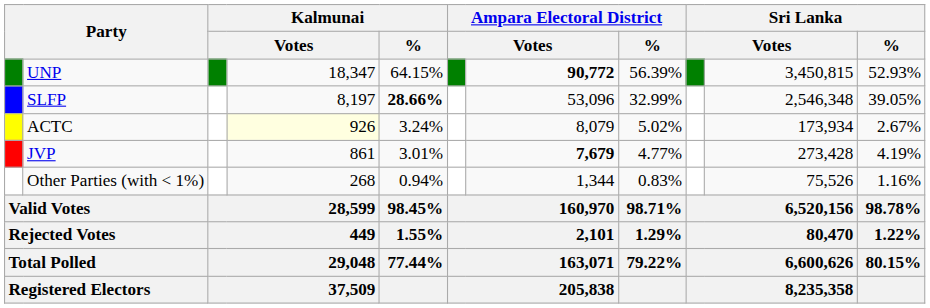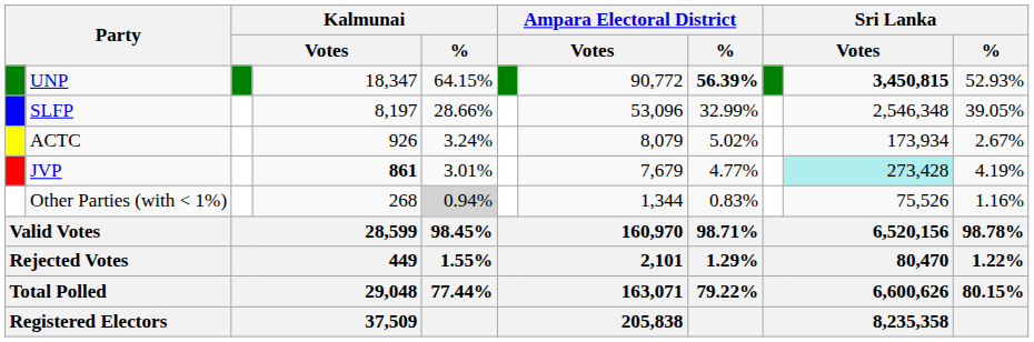 <table class="wikitable">
 <tr>
 <th colspan="2" width="144px"rowspan="2">Party</th>
 <th colspan="3" width="216px">Kalmunai</th>
 <th colspan="3" width="216px"><a href='#'>Ampara Electoral District</a></th>
 <th colspan="3" width="216px">Sri Lanka</th>
 </tr>
 <tr>
 <th colspan="2" width="144px">Votes</th>
 <th>%</th>
 <th colspan="2" width="144px">Votes</th>
 <th>%</th>
 <th colspan="2" width="144px">Votes</th>
 <th>%</th>
 </tr>
 <tr>
 <td style="background-color:green;" width="10px"></td>
 <td style="text-align:left;"><a href='#'>UNP</a></td>
 <td style="background-color:green;" width="10px"></td>
 <td style="text-align:right;">18,347</td>
 <td style="text-align:right;">64.15%</td>
 <td style="background-color:green;" width="10px"></td>
-<td style="text-align:right;"><strong>90,772</strong></td>
-<td style="text-align:right;">56.39%</td>
+<td style="text-align:right;">90,772</td>
+<td style="text-align:right;"><strong>56.39%</strong></td>
 <td style="background-color:green;" width="10px"></td>
-<td style="text-align:right;">3,450,815</td>
+<td style="text-align:right;"><strong>3,450,815</strong></td>
 <td style="text-align:right;">52.93%</td>
 </tr>
 <tr>
 <td style="background-color:blue;" width="10px"></td>
 <td style="text-align:left;"><a href='#'>SLFP</a></td>
 <td style="background-color:white;" width="10px"></td>
 <td style="text-align:right;">8,197</td>
-<td style="text-align:right;"><strong>28.66%</strong></td>
+<td style="text-align:right;">28.66%</td>
 <td style="background-color:white;" width="10px"></td>
 <td style="text-align:right;">53,096</td>
 <td style="text-align:right;">32.99%</td>
 <td style="background-color:white;" width="10px"></td>
 <td style="text-align:right;">2,546,348</td>
 <td style="text-align:right;">39.05%</td>
 </tr>
 <tr>
 <td style="background-color:yellow;" width="10px"></td>
 <td style="text-align:left;">ACTC</td>
 <td style="background-color:white;" width="10px"></td>
-<td style="background: lightyellow; text-align:right;">926</td>
+<td style="text-align:right;">926</td>
 <td style="text-align:right;">3.24%</td>
 <td style="background-color:white;" width="10px"></td>
 <td style="text-align:right;">8,079</td>
 <td style="text-align:right;">5.02%</td>
 <td style="background-color:white;" width="10px"></td>
 <td style="text-align:right;">173,934</td>
 <td style="text-align:right;">2.67%</td>
 </tr>
 <tr>
 <td style="background-color:red;" width="10px"></td>
 <td style="text-align:left;"><a href='#'>JVP</a></td>
 <td style="background-color:white;" width="10px"></td>
-<td style="text-align:right;">861</td>
+<td style="text-align:right;"><strong>861</strong></td>
 <td style="text-align:right;">3.01%</td>
 <td style="background-color:white;" width="10px"></td>
-<td style="text-align:right;"><strong>7,679</strong></td>
+<td style="text-align:right;">7,679</td>
 <td style="text-align:right;">4.77%</td>
 <td style="background-color:white;" width="10px"></td>
-<td style="text-align:right;">273,428</td>
+<td style="background: paleturquoise; text-align:right;">273,428</td>
 <td style="text-align:right;">4.19%</td>
 </tr>
 <tr>
 <td style="background-color:white;" width="10px"></td>
 <td style="text-align:left;">Other Parties (with < 1%)</td>
 <td style="background-color:white;" width="10px"></td>
 <td style="text-align:right;">268</td>
-<td style="text-align:right;">0.94%</td>
+<td style="background: lightgrey; text-align:right;">0.94%</td>
 <td style="background-color:white;" width="10px"></td>
 <td style="text-align:right;">1,344</td>
 <td style="text-align:right;">0.83%</td>
 <td style="background-color:white;" width="10px"></td>
 <td style="text-align:right;">75,526</td>
 <td style="text-align:right;">1.16%</td>
 </tr>
 <tr>
 <th colspan="2" width="144px"style="text-align:left;">Valid Votes</th>
 <th style="text-align:right;"colspan="2" width="144px">28,599</th>
 <th style="text-align:right;">98.45%</th>
 <th style="text-align:right;"colspan="2" width="144px">160,970</th>
 <th style="text-align:right;">98.71%</th>
 <th style="text-align:right;"colspan="2" width="144px">6,520,156</th>
 <th style="text-align:right;">98.78%</th>
 </tr>
 <tr>
 <th colspan="2" width="144px"style="text-align:left;">Rejected Votes</th>
 <th style="text-align:right;"colspan="2" width="144px">449</th>
 <th style="text-align:right;">1.55%</th>
 <th style="text-align:right;"colspan="2" width="144px">2,101</th>
 <th style="text-align:right;">1.29%</th>
 <th style="text-align:right;"colspan="2" width="144px">80,470</th>
 <th style="text-align:right;">1.22%</th>
 </tr>
 <tr>
 <th colspan="2" width="144px"style="text-align:left;">Total Polled</th>
 <th style="text-align:right;"colspan="2" width="144px">29,048</th>
 <th style="text-align:right;">77.44%</th>
 <th style="text-align:right;"colspan="2" width="144px">163,071</th>
 <th style="text-align:right;">79.22%</th>
 <th style="text-align:right;"colspan="2" width="144px">6,600,626</th>
 <th style="text-align:right;">80.15%</th>
 </tr>
 <tr>
 <th colspan="2" width="144px"style="text-align:left;">Registered Electors</th>
 <th style="text-align:right;"colspan="2" width="144px">37,509</th>
 <th></th>
 <th style="text-align:right;"colspan="2" width="144px">205,838</th>
 <th></th>
 <th style="text-align:right;"colspan="2" width="144px">8,235,358</th>
 <th></th>
 </tr>
 </table>
